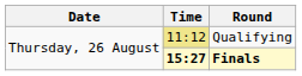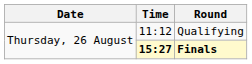 <table class="wikitable">
 <tr>
 <th>Date</th>
 <th>Time</th>
 <th>Round</th>
 </tr>
 <tr>
 <td rowspan=2>Thursday, 26 August</td>
-<td style="background: khaki;">11:12</td>
+<td>11:12</td>
 <td>Qualifying</td>
 </tr>
 <tr style="background:lemonchiffon">
 <td><strong>15:27</strong></td>
 <td><strong>Finals</strong></td>
 </tr>
 </table>
